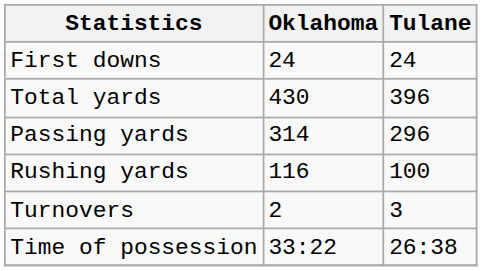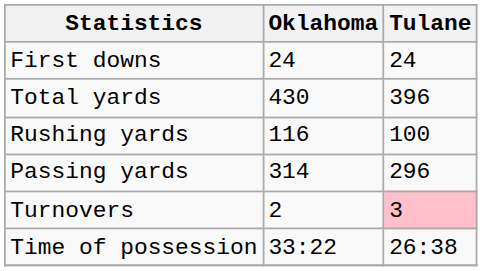 <table class="wikitable">
 <tr>
 <th>Statistics</th>
 <th>Oklahoma</th>
 <th>Tulane</th>
 </tr>
 <tr>
 <td>First downs</td>
 <td>24</td>
 <td>24</td>
 </tr>
 <tr>
 <td>Total yards</td>
 <td>430</td>
 <td>396</td>
 </tr>
 <tr>
+<td>Rushing yards</td>
+<td>116</td>
+<td>100</td>
+</tr>
+<tr>
 <td>Passing yards</td>
 <td>314</td>
 <td>296</td>
 </tr>
 <tr>
-<td>Rushing yards</td>
-<td>116</td>
-<td>100</td>
-</tr>
-<tr>
 <td>Turnovers</td>
 <td>2</td>
-<td>3</td>
+<td style="background: pink;">3</td>
 </tr>
 <tr>
 <td>Time of possession</td>
 <td>33:22</td>
 <td>26:38</td>
 </tr>
 <tr>
 </tr>
 </table>
